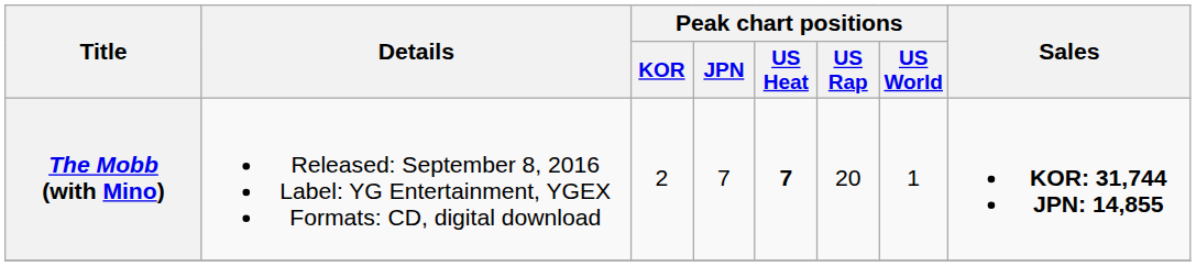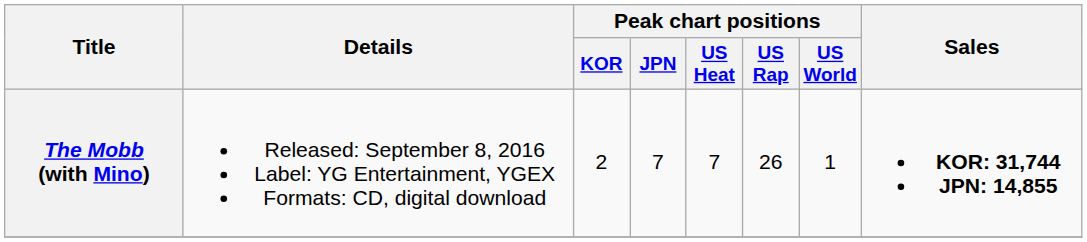 <table class="wikitable plainrowheaders" style="text-align:center;">
 <tr>
 <th rowspan="2" style="width:8em;">Title</th>
 <th rowspan="2" style="width:18em;">Details</th>
 <th colspan="5">Peak chart positions</th>
 <th rowspan="2" style="width:10em;">Sales</th>
 </tr>
 <tr>
 <th scope="col" style="width:2.5em;font-size:90%;"><a href='#'>KOR</a><br></th>
 <th scope="col" style="width:2.5em;font-size:90%;"><a href='#'>JPN</a><br></th>
 <th scope="col" style="width:2.5em;font-size:90%;"><a href='#'>US<br>Heat</a><br></th>
 <th scope="col" style="width:2.5em;font-size:90%;"><a href='#'>US<br>Rap</a><br></th>
 <th scope="col" style="width:2.5em;font-size:90%;"><a href='#'>US World</a><br></th>
 </tr>
 <tr>
 <th scope="row"><em><a href='#'>The Mobb</a></em><br>(with <a href='#'>Mino</a>)</th>
 <td><br><ul><li>Released: September 8, 2016</li><li>Label: YG Entertainment, YGEX</li><li>Formats: CD, digital download</li></ul></td>
 <td>2</td>
 <td>7</td>
-<td><strong>7</strong></td>
-<td>20</td>
+<td>7</td>
+<td>26</td>
 <td>1</td>
 <td><strong><br><ul><li>KOR: 31,744</li><li>JPN: 14,855</li></ul></strong></td>
 </tr>
 <tr>
 </tr>
 </table>
